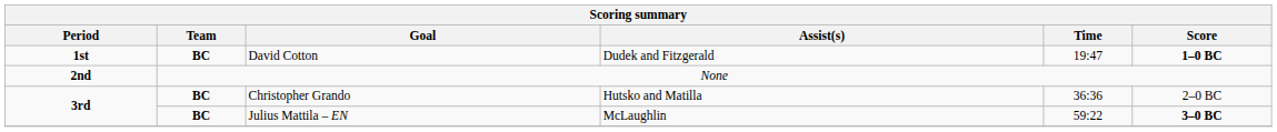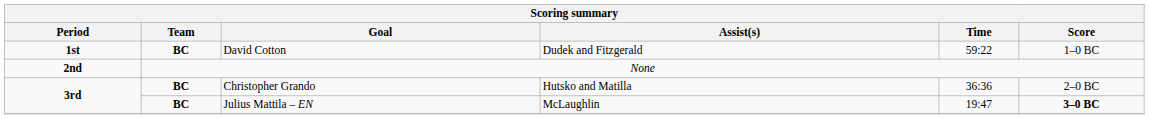 <table style="width:100%;" class="wikitable">
 <tr>
 <th colspan=6>Scoring summary</th>
 </tr>
 <tr>
 <th style="width:12%;">Period</th>
 <th style="width:7%;">Team</th>
 <th style="width:28%;">Goal</th>
 <th style="width:35%;">Assist(s)</th>
 <th style="width:7%;">Time</th>
 <th style="width:11%;">Score</th>
 </tr>
 <tr>
 <td style="text-align:center;" rowspan="1"><strong>1st</strong></td>
 <td align=center><strong>BC</strong></td>
 <td>David Cotton</td>
 <td>Dudek and Fitzgerald</td>
-<td align=center>19:47</td>
-<td align=center><strong>1–0 BC</strong></td>
+<td align=center>59:22</td>
+<td align=center>1–0 BC</td>
 </tr>
 <tr>
 <td style="text-align:center;" rowspan="1"><strong>2nd</strong></td>
 <td style="text-align:center;" colspan="5"><em>None</em></td>
 </tr>
 <tr>
 <td style="text-align:center;" rowspan="2"><strong>3rd</strong></td>
 <td align=center><strong>BC</strong></td>
 <td>Christopher Grando</td>
 <td>Hutsko and Matilla</td>
 <td align=center>36:36</td>
 <td align=center>2–0 BC</td>
 </tr>
 <tr>
 <td align=center><strong>BC</strong></td>
 <td>Julius Mattila – <em>EN</em></td>
 <td>McLaughlin</td>
-<td align=center>59:22</td>
+<td align=center>19:47</td>
 <td align=center><strong>3–0 BC</strong></td>
 </tr>
 <tr>
 </tr>
 </table>
